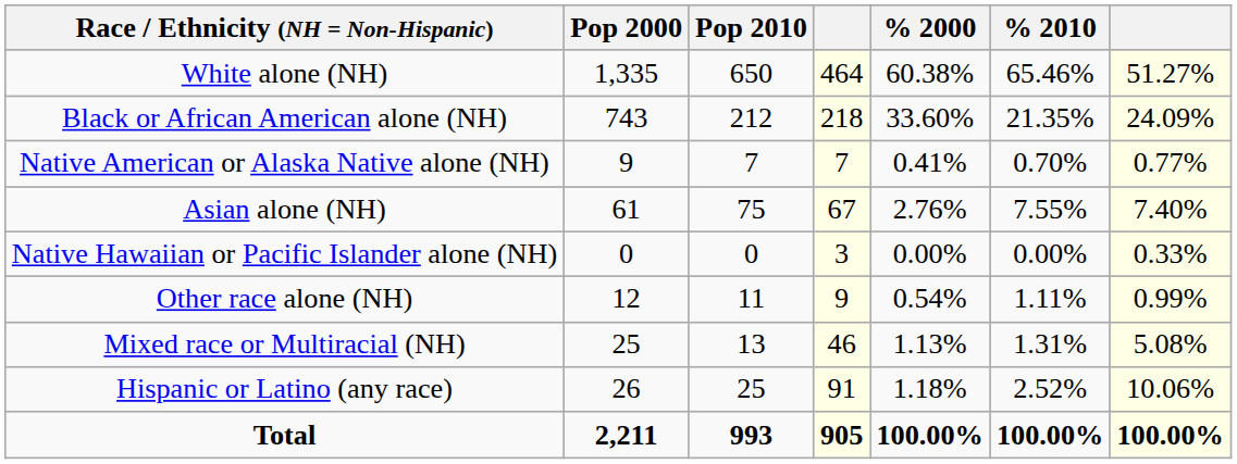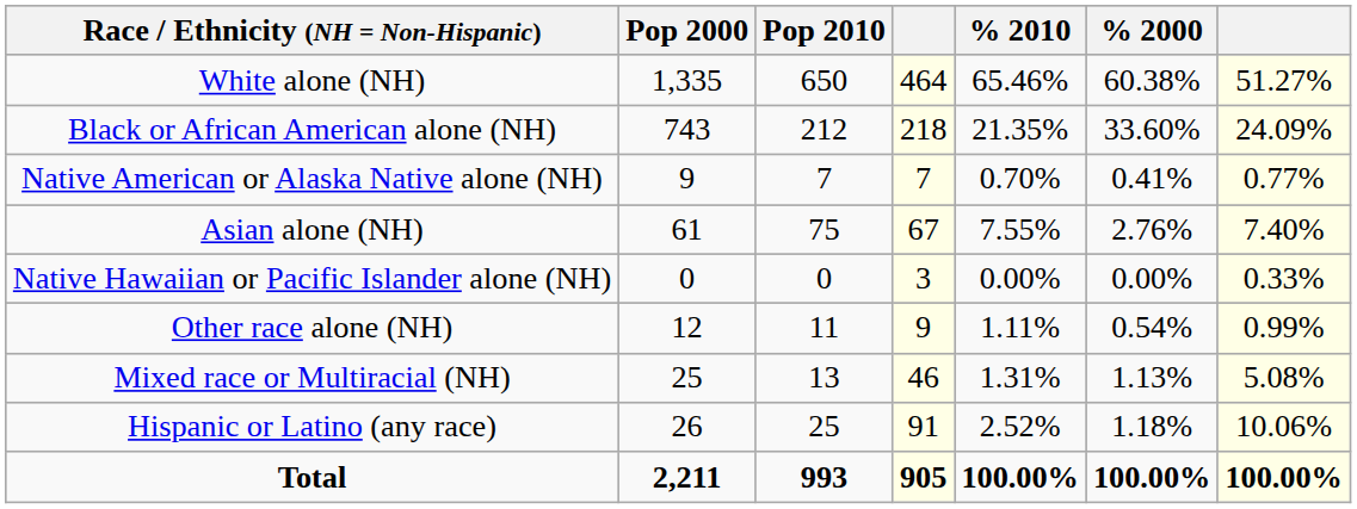 <table class="wikitable" style="text-align:center;">
 <tr>
 <th>Race / Ethnicity <small>(<em>NH = Non-Hispanic</em>)</small></th>
 <th>Pop 2000</th>
 <th>Pop 2010</th>
 <th></th>
+<th>% 2010</th>
 <th>% 2000</th>
-<th>% 2010</th>
 <th></th>
 </tr>
 <tr>
 <td><a href='#'>White</a> alone (NH)</td>
 <td>1,335</td>
 <td>650</td>
 <td style='background: #ffffe6;'>464</td>
+<td>65.46%</td>
 <td>60.38%</td>
-<td>65.46%</td>
 <td style='background: #ffffe6;'>51.27%</td>
 </tr>
 <tr>
 <td><a href='#'>Black or African American</a> alone (NH)</td>
 <td>743</td>
 <td>212</td>
 <td style='background: #ffffe6;'>218</td>
+<td>21.35%</td>
 <td>33.60%</td>
-<td>21.35%</td>
 <td style='background: #ffffe6;'>24.09%</td>
 </tr>
 <tr>
 <td><a href='#'>Native American</a> or <a href='#'>Alaska Native</a> alone (NH)</td>
 <td>9</td>
 <td>7</td>
 <td style='background: #ffffe6;'>7</td>
+<td>0.70%</td>
 <td>0.41%</td>
-<td>0.70%</td>
 <td style='background: #ffffe6;'>0.77%</td>
 </tr>
 <tr>
 <td><a href='#'>Asian</a> alone (NH)</td>
 <td>61</td>
 <td>75</td>
 <td style='background: #ffffe6;'>67</td>
+<td>7.55%</td>
 <td>2.76%</td>
-<td>7.55%</td>
 <td style='background: #ffffe6;'>7.40%</td>
 </tr>
 <tr>
 <td><a href='#'>Native Hawaiian</a> or <a href='#'>Pacific Islander</a> alone (NH)</td>
 <td>0</td>
 <td>0</td>
 <td style='background: #ffffe6;'>3</td>
 <td>0.00%</td>
 <td>0.00%</td>
 <td style='background: #ffffe6;'>0.33%</td>
 </tr>
 <tr>
 <td><a href='#'>Other race</a> alone (NH)</td>
 <td>12</td>
 <td>11</td>
 <td style='background: #ffffe6;'>9</td>
+<td>1.11%</td>
 <td>0.54%</td>
-<td>1.11%</td>
 <td style='background: #ffffe6;'>0.99%</td>
 </tr>
 <tr>
 <td><a href='#'>Mixed race or Multiracial</a> (NH)</td>
 <td>25</td>
 <td>13</td>
 <td style='background: #ffffe6;'>46</td>
+<td>1.31%</td>
 <td>1.13%</td>
-<td>1.31%</td>
 <td style='background: #ffffe6;'>5.08%</td>
 </tr>
 <tr>
 <td><a href='#'>Hispanic or Latino</a> (any race)</td>
 <td>26</td>
 <td>25</td>
 <td style='background: #ffffe6;'>91</td>
+<td>2.52%</td>
 <td>1.18%</td>
-<td>2.52%</td>
 <td style='background: #ffffe6;'>10.06%</td>
 </tr>
 <tr>
 <td><strong>Total</strong></td>
 <td><strong>2,211</strong></td>
 <td><strong>993</strong></td>
 <td style='background: #ffffe6;'><strong>905</strong></td>
 <td><strong>100.00%</strong></td>
 <td><strong>100.00%</strong></td>
 <td style='background: #ffffe6;'><strong>100.00%</strong></td>
 </tr>
 </table>
